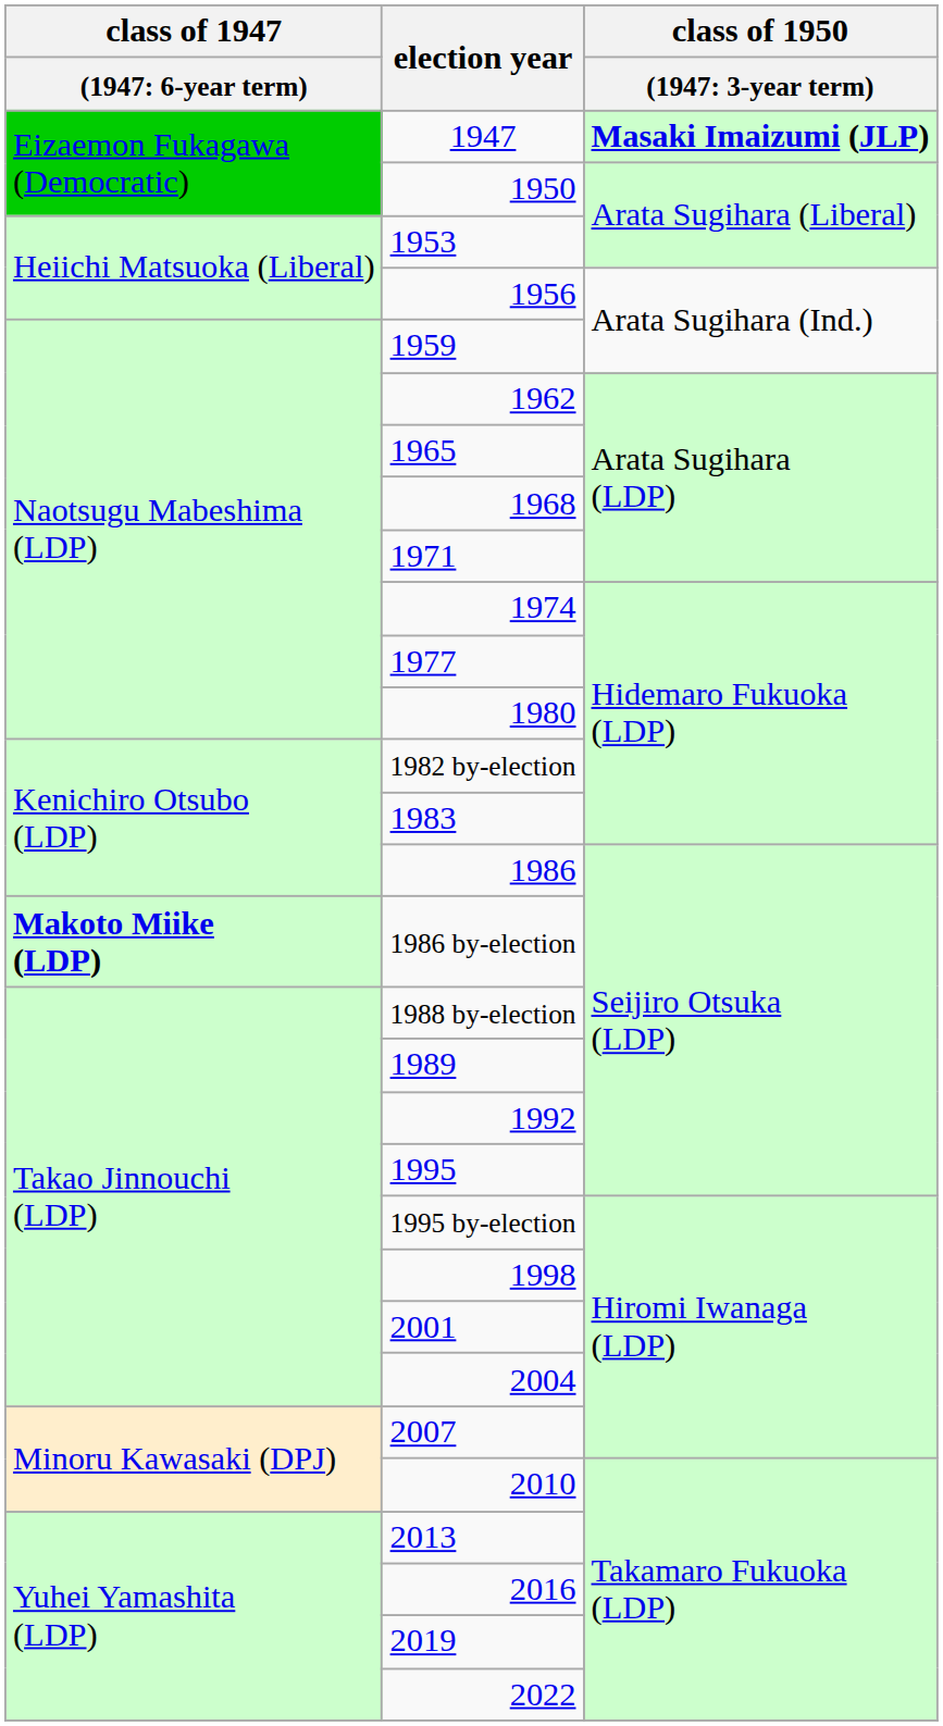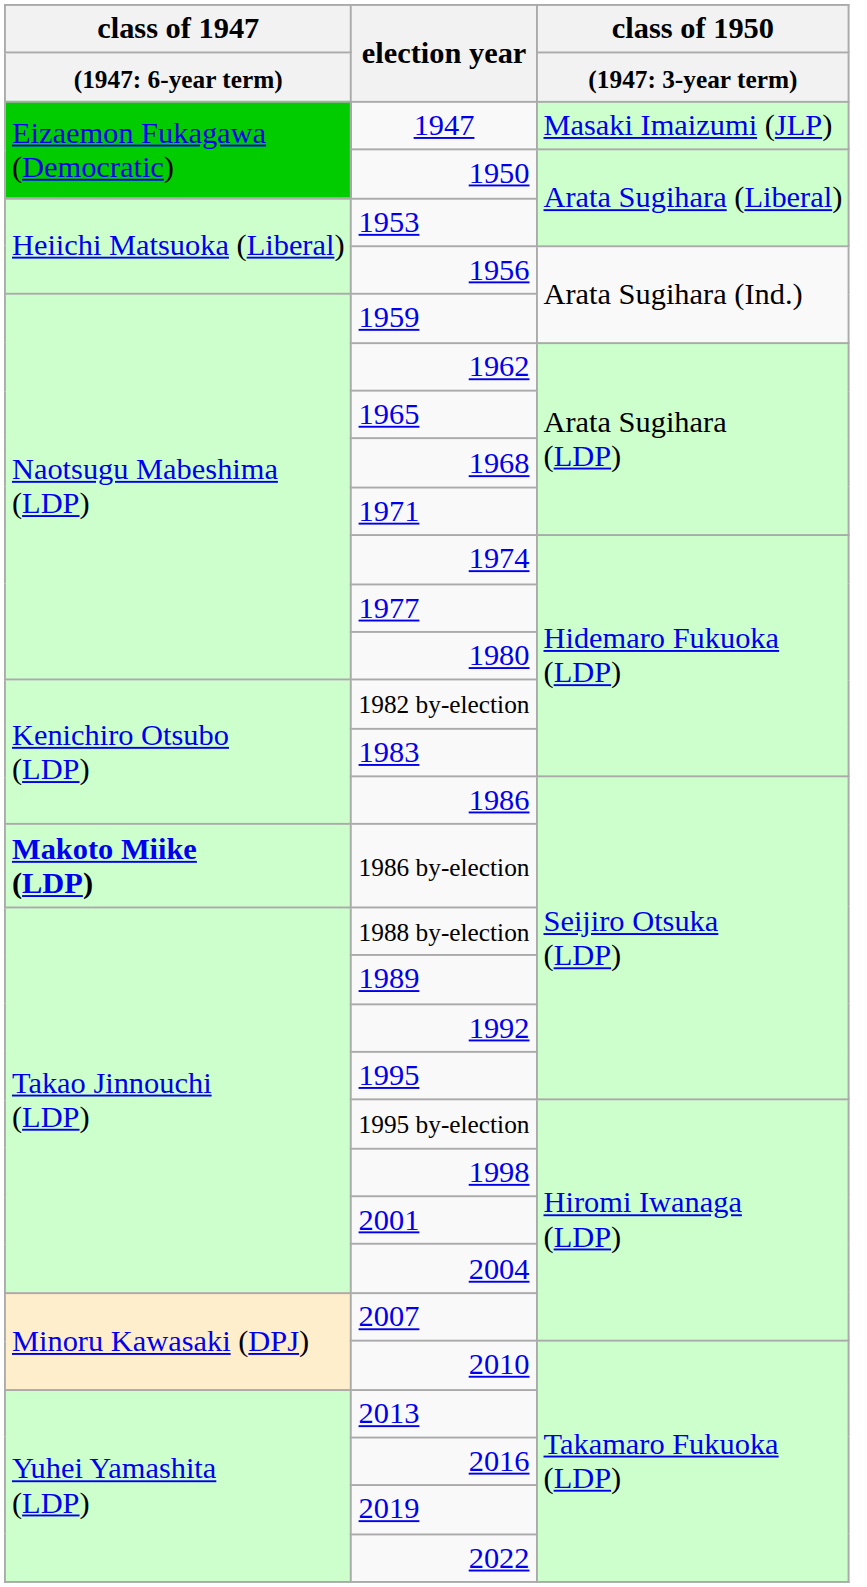 <table class="wikitable" border="1">
 <tr>
 <th>class of 1947</th>
 <th rowspan="2">election year</th>
 <th>class of 1950</th>
 </tr>
 <tr>
 <th><small>(1947: 6-year term)</small></th>
 <th><small>(1947: 3-year term)</small></th>
 </tr>
 <tr>
 <td rowspan="2" bgcolor="#00CC00"><a href='#'>Eizaemon Fukagawa</a><br>(<a href='#'>Democratic</a>)</td>
 <td align="center"><a href='#'>1947</a></td>
-<td bgcolor="#CCFFCC"><strong><a href='#'>Masaki Imaizumi</a> (<a href='#'>JLP</a>)</strong></td>
+<td bgcolor="#CCFFCC"><a href='#'>Masaki Imaizumi</a> (<a href='#'>JLP</a>)</td>
 </tr>
 <tr>
 <td align="right"><a href='#'>1950</a></td>
 <td rowspan="2" bgcolor="#CCFFCC"><a href='#'>Arata Sugihara</a> (<a href='#'>Liberal</a>)</td>
 </tr>
 <tr>
 <td rowspan="2" bgcolor="#CCFFCC"><a href='#'>Heiichi Matsuoka</a> (<a href='#'>Liberal</a>)</td>
 <td align="left"><a href='#'>1953</a></td>
 </tr>
 <tr>
 <td align="right"><a href='#'>1956</a></td>
 <td rowspan="2">Arata Sugihara (Ind.)</td>
 </tr>
 <tr>
 <td rowspan="8" bgcolor="#CCFFCC"><a href='#'>Naotsugu Mabeshima</a><br>(<a href='#'>LDP</a>)</td>
 <td align="left"><a href='#'>1959</a></td>
 </tr>
 <tr>
 <td align="right"><a href='#'>1962</a></td>
 <td rowspan="4" bgcolor="#CCFFCC">Arata Sugihara<br>(<a href='#'>LDP</a>)</td>
 </tr>
 <tr>
 <td align="left"><a href='#'>1965</a></td>
 </tr>
 <tr>
 <td align="right"><a href='#'>1968</a></td>
 </tr>
 <tr>
 <td align="left"><a href='#'>1971</a></td>
 </tr>
 <tr>
 <td align="right"><a href='#'>1974</a></td>
 <td rowspan="5" bgcolor="#CCFFCC"><a href='#'>Hidemaro Fukuoka</a><br>(<a href='#'>LDP</a>)</td>
 </tr>
 <tr>
 <td align="left"><a href='#'>1977</a></td>
 </tr>
 <tr>
 <td align="right"><a href='#'>1980</a></td>
 </tr>
 <tr>
 <td rowspan="3" bgcolor="#CCFFCC"><a href='#'>Kenichiro Otsubo</a><br>(<a href='#'>LDP</a>)</td>
 <td align="left"><small>1982 by-election</small></td>
 </tr>
 <tr>
 <td align="left"><a href='#'>1983</a></td>
 </tr>
 <tr>
 <td align="right"><a href='#'>1986</a></td>
 <td rowspan="6" bgcolor="#CCFFCC"><a href='#'>Seijiro Otsuka</a><br>(<a href='#'>LDP</a>)</td>
 </tr>
 <tr>
 <td bgcolor="#CCFFCC"><strong><a href='#'>Makoto Miike</a><br>(<a href='#'>LDP</a>)</strong></td>
 <td align="left"><small>1986 by-election</small></td>
 </tr>
 <tr>
 <td rowspan="8" bgcolor="#CCFFCC"><a href='#'>Takao Jinnouchi</a><br>(<a href='#'>LDP</a>)</td>
 <td align="left"><small>1988 by-election</small></td>
 </tr>
 <tr>
 <td align="left"><a href='#'>1989</a></td>
 </tr>
 <tr>
 <td align="right"><a href='#'>1992</a></td>
 </tr>
 <tr>
 <td align="left"><a href='#'>1995</a></td>
 </tr>
 <tr>
 <td align="right"><small>1995 by-election</small></td>
 <td rowspan="5" bgcolor="#CCFFCC"><a href='#'>Hiromi Iwanaga</a><br>(<a href='#'>LDP</a>)</td>
 </tr>
 <tr>
 <td align="right"><a href='#'>1998</a></td>
 </tr>
 <tr>
 <td align="left"><a href='#'>2001</a></td>
 </tr>
 <tr>
 <td align="right"><a href='#'>2004</a></td>
 </tr>
 <tr>
 <td rowspan="2" bgcolor="#FFEECC"><a href='#'>Minoru Kawasaki</a> (<a href='#'>DPJ</a>)</td>
 <td align="left"><a href='#'>2007</a></td>
 </tr>
 <tr>
 <td align="right"><a href='#'>2010</a></td>
 <td rowspan="5" bgcolor="#CCFFCC"><a href='#'>Takamaro Fukuoka</a><br>(<a href='#'>LDP</a>)</td>
 </tr>
 <tr>
 <td rowspan="4" bgcolor="#CCFFCC"><a href='#'>Yuhei Yamashita</a><br>(<a href='#'>LDP</a>)</td>
 <td align="left"><a href='#'>2013</a></td>
 </tr>
 <tr>
 <td align="right"><a href='#'>2016</a></td>
 </tr>
 <tr>
 <td align="left"><a href='#'>2019</a></td>
 </tr>
 <tr>
 <td align="right"><a href='#'>2022</a></td>
 </tr>
 </table>
